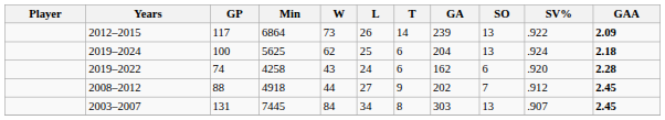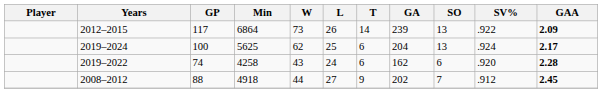 <table class="wikitable sortable" width = 900>
 <tr>
 <th>Player</th>
 <th>Years</th>
 <th>GP</th>
 <th>Min</th>
 <th>W</th>
 <th>L</th>
 <th>T</th>
 <th>GA</th>
 <th>SO</th>
 <th>SV%</th>
 <th>GAA</th>
 </tr>
 <tr>
 <td></td>
 <td>2012–2015</td>
 <td>117</td>
 <td>6864</td>
 <td>73</td>
 <td>26</td>
 <td>14</td>
 <td>239</td>
 <td>13</td>
 <td>.922</td>
 <td><strong>2.09</strong></td>
 </tr>
 <tr>
 <td></td>
 <td>2019–2024</td>
 <td>100</td>
 <td>5625</td>
 <td>62</td>
 <td>25</td>
 <td>6</td>
 <td>204</td>
 <td>13</td>
 <td>.924</td>
-<td><strong>2.18</strong></td>
+<td><strong>2.17</strong></td>
 </tr>
 <tr>
 <td></td>
 <td>2019–2022</td>
 <td>74</td>
 <td>4258</td>
 <td>43</td>
 <td>24</td>
 <td>6</td>
 <td>162</td>
 <td>6</td>
 <td>.920</td>
 <td><strong>2.28</strong></td>
 </tr>
 <tr>
 <td></td>
 <td>2008–2012</td>
 <td>88</td>
 <td>4918</td>
 <td>44</td>
 <td>27</td>
 <td>9</td>
 <td>202</td>
 <td>7</td>
 <td>.912</td>
 <td><strong>2.45</strong></td>
 </tr>
 <tr>
-<td></td>
-<td>2003–2007</td>
-<td>131</td>
-<td>7445</td>
-<td>84</td>
-<td>34</td>
-<td>8</td>
-<td>303</td>
-<td>13</td>
-<td>.907</td>
-<td><strong>2.45</strong></td>
-</tr>
-<tr>
 </tr>
 </table>
